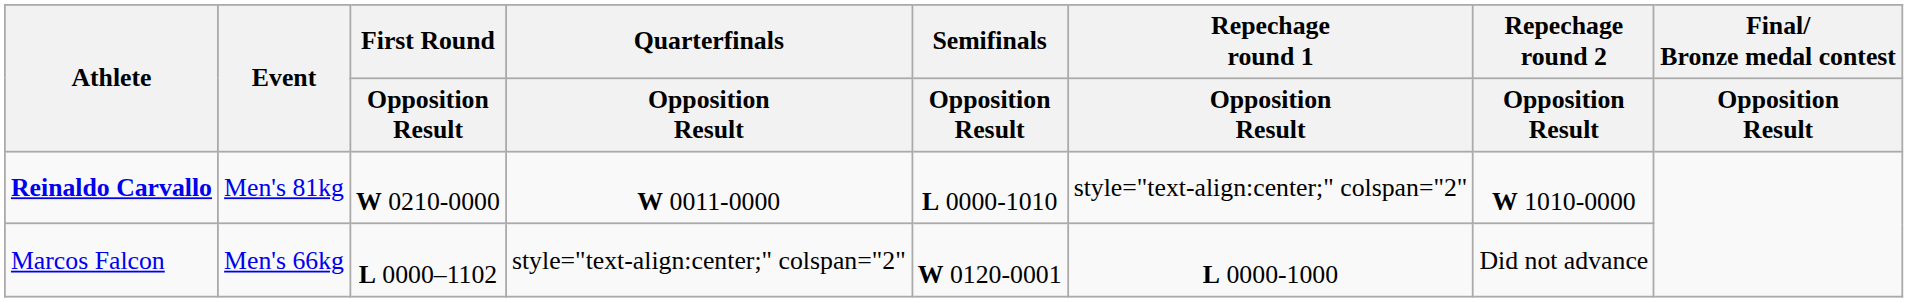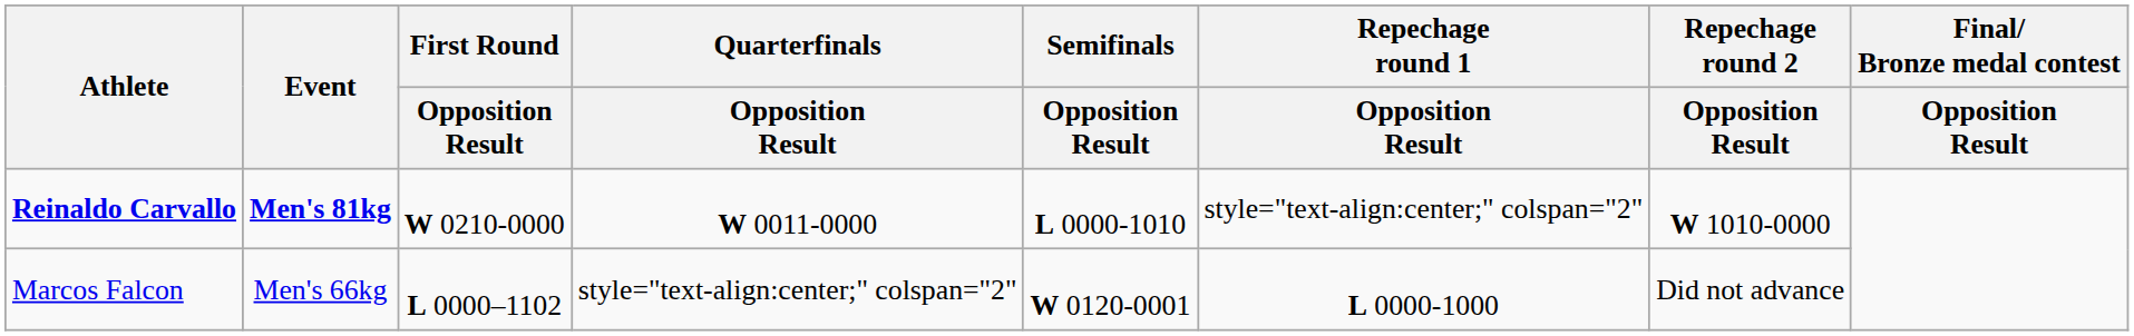 <table class= wikitable style="font-size:90%">
 <tr>
 <th rowspan="2">Athlete</th>
 <th rowspan="2">Event</th>
 <th>First Round</th>
 <th>Quarterfinals</th>
 <th>Semifinals</th>
 <th>Repechage <br>round 1</th>
 <th>Repechage <br>round 2</th>
 <th>Final/<br>Bronze medal contest</th>
 </tr>
 <tr>
 <th>Opposition<br>Result</th>
 <th>Opposition<br>Result</th>
 <th>Opposition<br>Result</th>
 <th>Opposition<br>Result</th>
 <th>Opposition<br>Result</th>
 <th>Opposition<br>Result</th>
 </tr>
 <tr>
 <td><strong><a href='#'>Reinaldo Carvallo</a></strong></td>
-<td style="text-align:center;"><a href='#'>Men's 81kg</a></td>
+<td style="text-align:center;"><strong><a href='#'>Men's 81kg</a></strong></td>
 <td style="text-align:center;"><br> <strong>W</strong> 0210-0000</td>
 <td style="text-align:center;"><br> <strong>W</strong> 0011-0000</td>
 <td style="text-align:center;"><br> <strong>L</strong> 0000-1010</td>
 <td>style="text-align:center;" colspan="2" </td>
 <td style="text-align:center;"><br> <strong>W</strong> 1010-0000 </td>
 </tr>
 <tr>
 <td><a href='#'>Marcos Falcon</a></td>
 <td style="text-align:center;"><a href='#'>Men's 66kg</a></td>
 <td style="text-align:center;"><br> <strong>L</strong> 0000–1102</td>
 <td>style="text-align:center;" colspan="2" </td>
 <td style="text-align:center;"><br> <strong>W</strong> 0120-0001</td>
 <td style="text-align:center;"><br> <strong>L</strong> 0000-1000</td>
 <td style="text-align:center;">Did not advance</td>
 </tr>
 </table>
